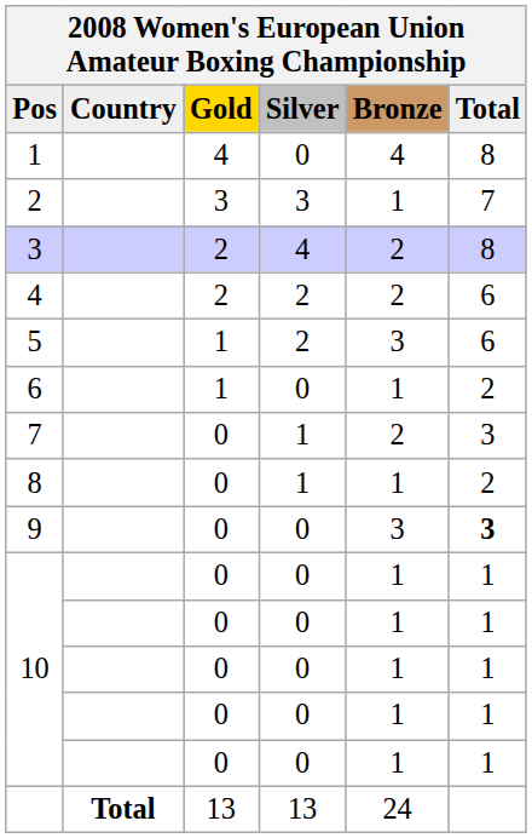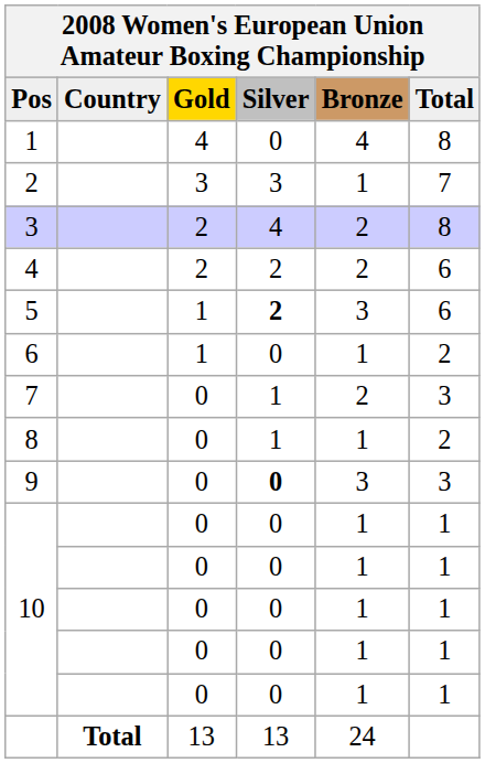 <table class="wikitable">
 <tr>
 <th colspan=7 style="border-right:0px;";><strong>2008 Women's European Union<br>Amateur Boxing Championship</strong></th>
 </tr>
 <tr bgcolor="#efefef">
 <td><strong>Pos</strong></td>
 <td><strong>Country</strong></td>
 <td bgcolor="gold"><strong>Gold</strong></td>
 <td bgcolor="silver"><strong>Silver</strong></td>
 <td bgcolor="CC9966"><strong>Bronze</strong></td>
 <td><strong>Total</strong></td>
 </tr>
 <tr bgcolor="#FFFFFF" align="center">
 <td>1</td>
 <td align="left"></td>
 <td>4</td>
 <td>0</td>
 <td>4</td>
 <td>8</td>
 </tr>
 <tr bgcolor="#FFFFFF" align="center">
 <td>2</td>
 <td align="left"></td>
 <td>3</td>
 <td>3</td>
 <td>1</td>
 <td>7</td>
 </tr>
 <tr bgcolor="#CCCCFF" align="center">
 <td>3</td>
 <td align="left"></td>
 <td>2</td>
 <td>4</td>
 <td>2</td>
 <td>8</td>
 </tr>
 <tr bgcolor="#FFFFFF" align="center">
 <td>4</td>
 <td align="left"></td>
 <td>2</td>
 <td>2</td>
 <td>2</td>
 <td>6</td>
 </tr>
 <tr bgcolor="#FFFFFF" align="center">
 <td>5</td>
 <td align="left"></td>
 <td>1</td>
-<td>2</td>
+<td><strong>2</strong></td>
 <td>3</td>
 <td>6</td>
 </tr>
 <tr bgcolor="#FFFFFF" align="center">
 <td>6</td>
 <td align="left"></td>
 <td>1</td>
 <td>0</td>
 <td>1</td>
 <td>2</td>
 </tr>
 <tr bgcolor="#FFFFFF" align="center">
 <td>7</td>
 <td align="left"></td>
 <td>0</td>
 <td>1</td>
 <td>2</td>
 <td>3</td>
 </tr>
 <tr bgcolor="#FFFFFF" align="center">
 <td>8</td>
 <td align="left"></td>
 <td>0</td>
 <td>1</td>
 <td>1</td>
 <td>2</td>
 </tr>
 <tr bgcolor="#FFFFFF" align="center">
 <td>9</td>
 <td align="left"></td>
 <td>0</td>
-<td>0</td>
+<td><strong>0</strong></td>
 <td>3</td>
-<td><strong>3</strong></td>
+<td>3</td>
 </tr>
 <tr bgcolor="#FFFFFF" align="center">
 <td rowspan=5>10</td>
 <td align="left"></td>
 <td>0</td>
 <td>0</td>
 <td>1</td>
 <td>1</td>
 </tr>
 <tr bgcolor="#FFFFFF" align="center">
 <td align="left"></td>
 <td>0</td>
 <td>0</td>
 <td>1</td>
 <td>1</td>
 </tr>
 <tr bgcolor="#FFFFFF" align="center">
 <td align="left"></td>
 <td>0</td>
 <td>0</td>
 <td>1</td>
 <td>1</td>
 </tr>
 <tr bgcolor="#FFFFFF" align="center">
 <td align="left"></td>
 <td>0</td>
 <td>0</td>
 <td>1</td>
 <td>1</td>
 </tr>
 <tr bgcolor="#FFFFFF" align="center">
 <td align="left"></td>
 <td>0</td>
 <td>0</td>
 <td>1</td>
 <td>1</td>
 </tr>
 <tr bgcolor="#FFFFFF" align="center">
 <td></td>
 <td align="center"><strong>Total</strong></td>
 <td>13</td>
 <td>13</td>
 <td>24</td>
 <td></td>
 </tr>
 </table>
